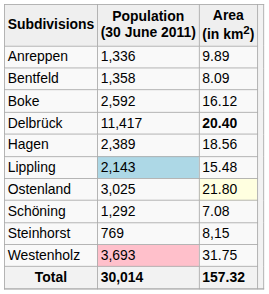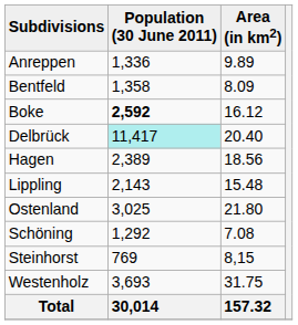 <table class="wikitable" style="text-align:left; vertical-align:top;" |>
 <tr>
 <th style="background:#efefef;">Subdivisions</th>
 <th style="background:#efefef;">Population<br> (30 June 2011)</th>
 <th style="background:#efefef;">Area<br>(in km<sup>2</sup>)</th>
 <th rowspan="12"></th>
 </tr>
 <tr ---->
 <td>Anreppen</td>
 <td>1,336</td>
 <td>9.89</td>
 </tr>
 <tr ---->
 <td>Bentfeld</td>
 <td>1,358</td>
 <td>8.09</td>
 </tr>
 <tr ---->
 <td>Boke</td>
-<td>2,592</td>
+<td><strong>2,592</strong></td>
 <td>16.12</td>
 </tr>
 <tr ---->
 <td>Delbrück</td>
-<td>11,417</td>
-<td><strong>20.40</strong></td>
+<td style="background: paleturquoise;">11,417</td>
+<td>20.40</td>
 </tr>
 <tr ---->
 <td>Hagen</td>
 <td>2,389</td>
 <td>18.56</td>
 </tr>
 <tr ---->
 <td>Lippling</td>
-<td style="background: lightblue;">2,143</td>
+<td>2,143</td>
 <td>15.48</td>
 </tr>
 <tr ---->
 <td>Ostenland</td>
 <td>3,025</td>
-<td style="background: lightyellow;">21.80</td>
+<td>21.80</td>
 </tr>
 <tr ---->
 <td>Schöning</td>
 <td>1,292</td>
 <td>7.08</td>
 </tr>
 <tr ---->
 <td>Steinhorst</td>
 <td>769</td>
 <td>8,15</td>
 </tr>
 <tr ---->
 <td>Westenholz</td>
-<td style="background: pink;">3,693</td>
+<td>3,693</td>
 <td>31.75</td>
 </tr>
 <tr ---->
 <th>Total</th>
 <th style="text-align:left;">30,014</th>
 <th style="text-align:left;">157.32</th>
 </tr>
 <tr ---->
 </tr>
 </table>
